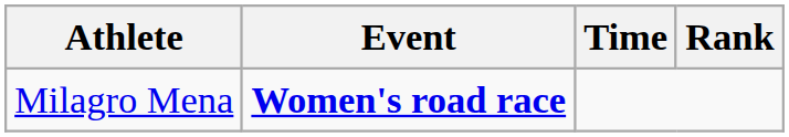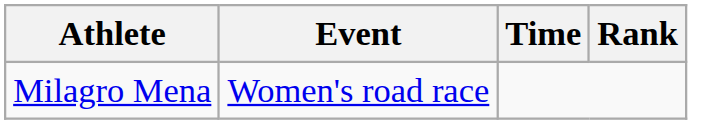 <table class=wikitable style=font-size:95%;text-align:center>
 <tr>
 <th>Athlete</th>
 <th>Event</th>
 <th>Time</th>
 <th>Rank</th>
 </tr>
 <tr align=center>
 <td align=left><a href='#'>Milagro Mena</a></td>
-<td align=left><strong><a href='#'>Women's road race</a></strong></td>
+<td align=left><a href='#'>Women's road race</a></td>
 <td Colspan=2></td>
 </tr>
 </table>
